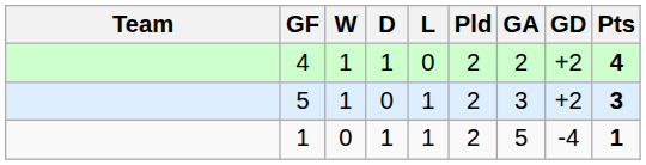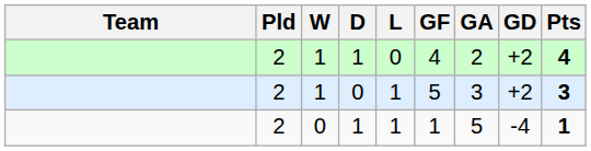 <table class="wikitable" style="text-align:center;">
 <tr>
 <th width=175>Team</th>
-<th width=20 abbr="Goals for">GF</th>
+<th width=20 abbr="Played">Pld</th>
 <th width=20 abbr="Won">W</th>
 <th width=20 abbr="Drawn">D</th>
 <th width=20 abbr="Lost">L</th>
-<th width=20 abbr="Played">Pld</th>
+<th width=20 abbr="Goals for">GF</th>
 <th width=20 abbr="Goals against">GA</th>
 <th width=20 abbr="Goal difference">GD</th>
 <th width=20 abbr="Points">Pts</th>
 </tr>
 <tr bgcolor=#ccffcc>
 <td align=left></td>
-<td>4</td>
+<td>2</td>
 <td>1</td>
 <td>1</td>
 <td>0</td>
-<td>2</td>
+<td>4</td>
 <td>2</td>
 <td>+2</td>
 <td><strong>4</strong></td>
 </tr>
 <tr bgcolor=#ddeeff>
 <td align=left></td>
-<td>5</td>
+<td>2</td>
 <td>1</td>
 <td>0</td>
 <td>1</td>
-<td>2</td>
+<td>5</td>
 <td>3</td>
 <td>+2</td>
 <td><strong>3</strong></td>
 </tr>
 <tr>
 <td align=left></td>
-<td>1</td>
+<td>2</td>
 <td>0</td>
 <td>1</td>
 <td>1</td>
-<td>2</td>
+<td>1</td>
 <td>5</td>
 <td>-4</td>
 <td><strong>1</strong></td>
 </tr>
 </table>
